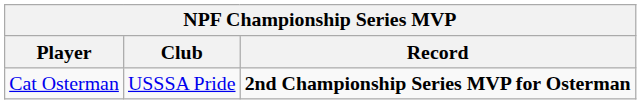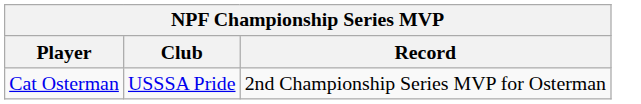 <table class="wikitable">
 <tr>
 <th colspan=3>NPF Championship Series MVP</th>
 </tr>
 <tr>
 <th>Player</th>
 <th>Club</th>
 <th>Record</th>
 </tr>
 <tr>
 <td><a href='#'>Cat Osterman</a></td>
 <td><a href='#'>USSSA Pride</a></td>
-<td><strong>2nd Championship Series MVP for Osterman</strong></td>
+<td>2nd Championship Series MVP for Osterman</td>
 </tr>
 </table>
